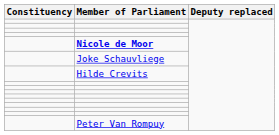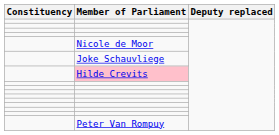 <table class="wikitable">
 <tr>
 <th>Constituency</th>
 <th>Member of Parliament</th>
 <th>Deputy replaced</th>
 </tr>
 <tr>
 <td></td>
 <td></td>
 <td rowspan="16"></td>
 </tr>
 <tr>
 <td></td>
 <td></td>
 </tr>
 <tr>
 <td></td>
 <td></td>
 </tr>
 <tr>
 <td></td>
 <td></td>
 </tr>
 <tr>
 <td></td>
-<td><strong><a href='#'>Nicole de Moor</a></strong></td>
+<td><a href='#'>Nicole de Moor</a></td>
 </tr>
 <tr>
 <td></td>
 <td><a href='#'>Joke Schauvliege</a></td>
 </tr>
 <tr>
 <td></td>
-<td><a href='#'>Hilde Crevits</a></td>
+<td style="background: pink;"><a href='#'>Hilde Crevits</a></td>
 </tr>
 <tr>
 <td></td>
 <td></td>
 </tr>
 <tr>
 <td></td>
 <td></td>
 </tr>
 <tr>
 <td></td>
 <td></td>
 </tr>
 <tr>
 <td></td>
 <td></td>
 </tr>
 <tr>
 <td></td>
 <td></td>
 </tr>
 <tr>
 <td></td>
 <td></td>
 </tr>
 <tr>
 <td></td>
 <td></td>
 </tr>
 <tr>
 <td></td>
 <td></td>
 </tr>
 <tr>
 <td></td>
 <td><a href='#'>Peter Van Rompuy</a></td>
 </tr>
 </table>
